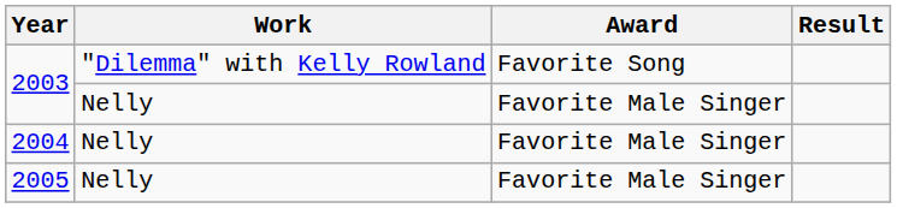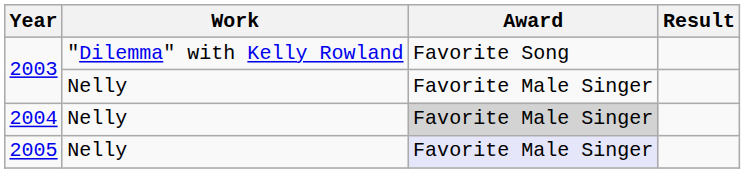 <table class="wikitable">
 <tr>
 <th>Year</th>
 <th>Work</th>
 <th>Award</th>
 <th>Result</th>
 </tr>
 <tr>
 <td rowspan="2"><a href='#'>2003</a></td>
 <td>"<a href='#'>Dilemma</a>" with <a href='#'>Kelly Rowland</a></td>
 <td>Favorite Song</td>
 <td></td>
 </tr>
 <tr>
 <td>Nelly</td>
 <td>Favorite Male Singer</td>
 <td></td>
 </tr>
 <tr>
 <td><a href='#'>2004</a></td>
 <td>Nelly</td>
-<td>Favorite Male Singer</td>
+<td style="background: lightgrey;">Favorite Male Singer</td>
 <td></td>
 </tr>
 <tr>
 <td><a href='#'>2005</a></td>
 <td>Nelly</td>
-<td>Favorite Male Singer</td>
+<td style="background: lavender;">Favorite Male Singer</td>
 <td></td>
 </tr>
 </table>
